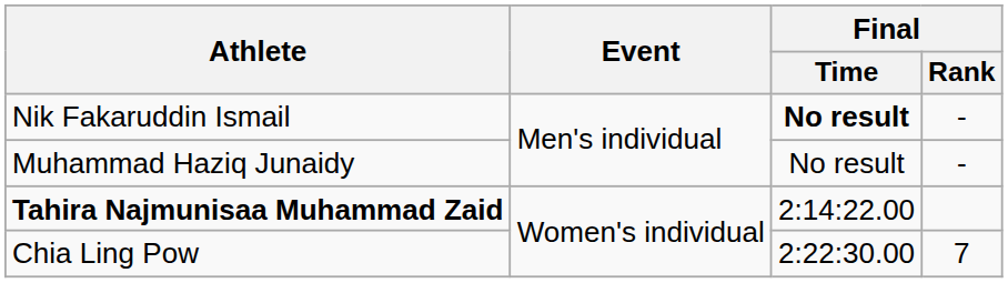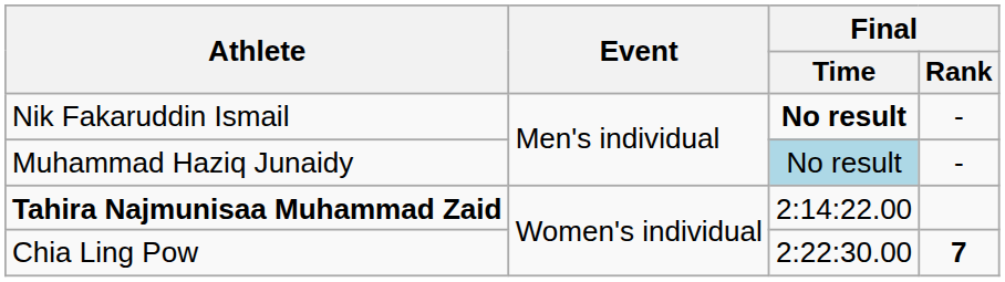 <table class="wikitable" style="font-size:90%">
 <tr>
 <th rowspan="2">Athlete</th>
 <th rowspan="2">Event</th>
 <th colspan="2">Final</th>
 </tr>
 <tr style="font-size:95%">
 <th>Time</th>
 <th>Rank</th>
 </tr>
 <tr align="center">
 <td align="left">Nik Fakaruddin Ismail</td>
 <td rowspan="2" align="left">Men's individual</td>
 <td><strong>No result</strong></td>
 <td>-</td>
 </tr>
 <tr align="center">
 <td align="left">Muhammad Haziq Junaidy</td>
-<td>No result</td>
+<td style="background: lightblue;">No result</td>
 <td>-</td>
 </tr>
 <tr align="center">
 <td align="left"><strong>Tahira Najmunisaa Muhammad Zaid</strong></td>
 <td rowspan="2" align="left">Women's individual</td>
 <td>2:14:22.00</td>
 <td></td>
 </tr>
 <tr align="center">
 <td align="left">Chia Ling Pow</td>
 <td>2:22:30.00</td>
-<td>7</td>
+<td><strong>7</strong></td>
 </tr>
 </table>
